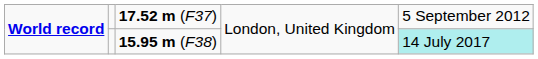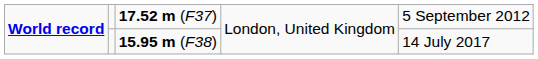 <table class="wikitable">
 <tr>
 <td rowspan=2><a href='#'><strong>World record</strong></a></td>
 <td></td>
 <td><strong>17.52 m</strong> (<em>F37</em>)</td>
 <td rowspan=2>London, United Kingdom</td>
 <td>5 September 2012</td>
 </tr>
 <tr>
 <td></td>
 <td><strong>15.95 m</strong> (<em>F38</em>)</td>
-<td style="background: paleturquoise;">14 July 2017</td>
+<td>14 July 2017</td>
 </tr>
 </table>
